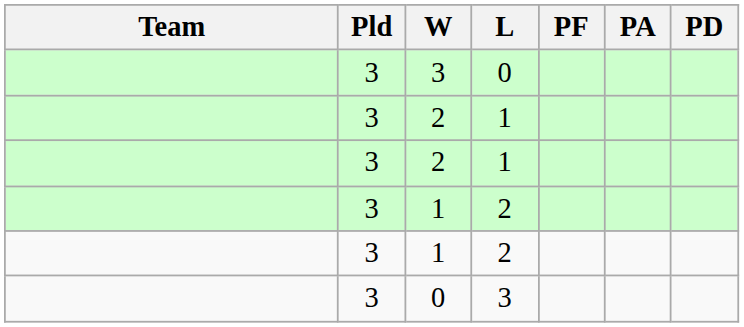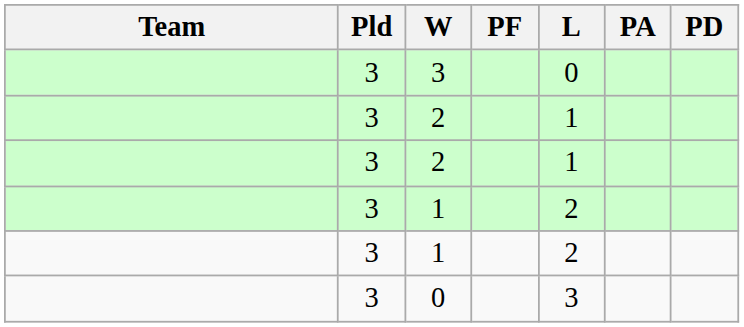 <table class=wikitable style="text-align:center">
 <tr>
 <th width=180>Team</th>
 <th width=30>Pld</th>
 <th width=30>W</th>
+<th width=30>PF</th>
 <th width=30>L</th>
-<th width=30>PF</th>
 <th width=30>PA</th>
 <th width=30>PD</th>
 </tr>
 <tr bgcolor="#ccffcc">
 <td align=left></td>
 <td>3</td>
 <td>3</td>
+<td></td>
 <td>0</td>
-<td></td>
 <td></td>
 <td></td>
 </tr>
 <tr bgcolor="#ccffcc">
 <td align=left></td>
 <td>3</td>
 <td>2</td>
+<td></td>
 <td>1</td>
-<td></td>
 <td></td>
 <td></td>
 </tr>
 <tr bgcolor="#ccffcc">
 <td align=left></td>
 <td>3</td>
 <td>2</td>
+<td></td>
 <td>1</td>
-<td></td>
 <td></td>
 <td></td>
 </tr>
 <tr bgcolor="#ccffcc">
 <td align=left></td>
 <td>3</td>
 <td>1</td>
+<td></td>
 <td>2</td>
-<td></td>
 <td></td>
 <td></td>
 </tr>
 <tr>
 <td align=left></td>
 <td>3</td>
 <td>1</td>
+<td></td>
 <td>2</td>
-<td></td>
 <td></td>
 <td></td>
 </tr>
 <tr>
 <td align=left></td>
 <td>3</td>
 <td>0</td>
+<td></td>
 <td>3</td>
-<td></td>
 <td></td>
 <td></td>
 </tr>
 </table>
